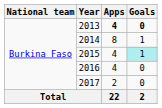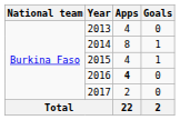 <table class="wikitable" style="text-align:center">
 <tr>
 <th>National team</th>
 <th>Year</th>
 <th>Apps</th>
 <th>Goals</th>
 </tr>
 <tr>
 <td rowspan="5"><a href='#'>Burkina Faso</a></td>
 <td>2013</td>
-<td><strong>4</strong></td>
-<td><strong>0</strong></td>
+<td>4</td>
+<td>0</td>
 </tr>
 <tr>
 <td>2014</td>
 <td>8</td>
 <td>1</td>
 </tr>
 <tr>
 <td>2015</td>
 <td>4</td>
-<td style="background: paleturquoise;">1</td>
+<td>1</td>
 </tr>
 <tr>
 <td>2016</td>
-<td>4</td>
+<td><strong>4</strong></td>
 <td>0</td>
 </tr>
 <tr>
 <td>2017</td>
 <td>2</td>
 <td>0</td>
 </tr>
 <tr>
 <th colspan="2">Total</th>
 <th>22</th>
 <th>2</th>
 </tr>
 </table>
